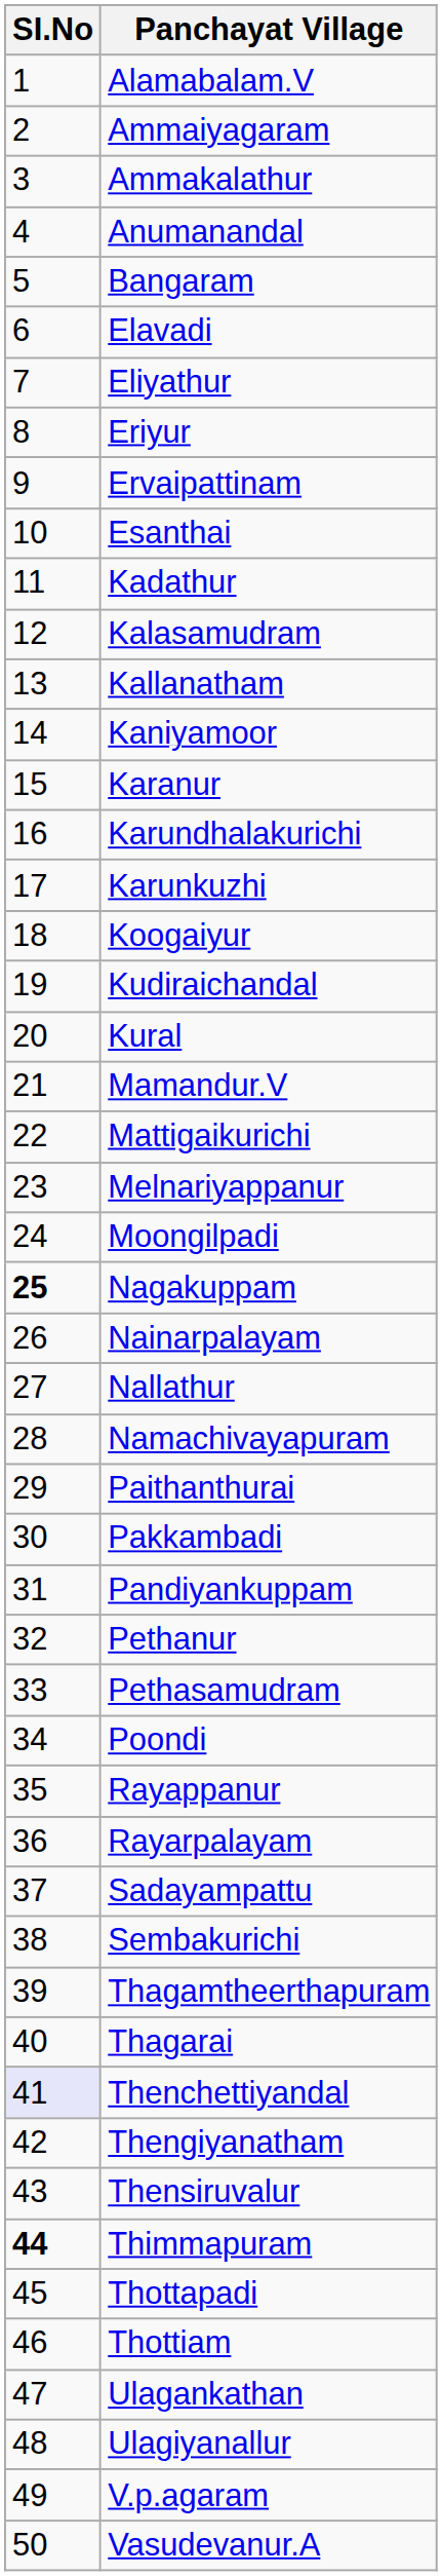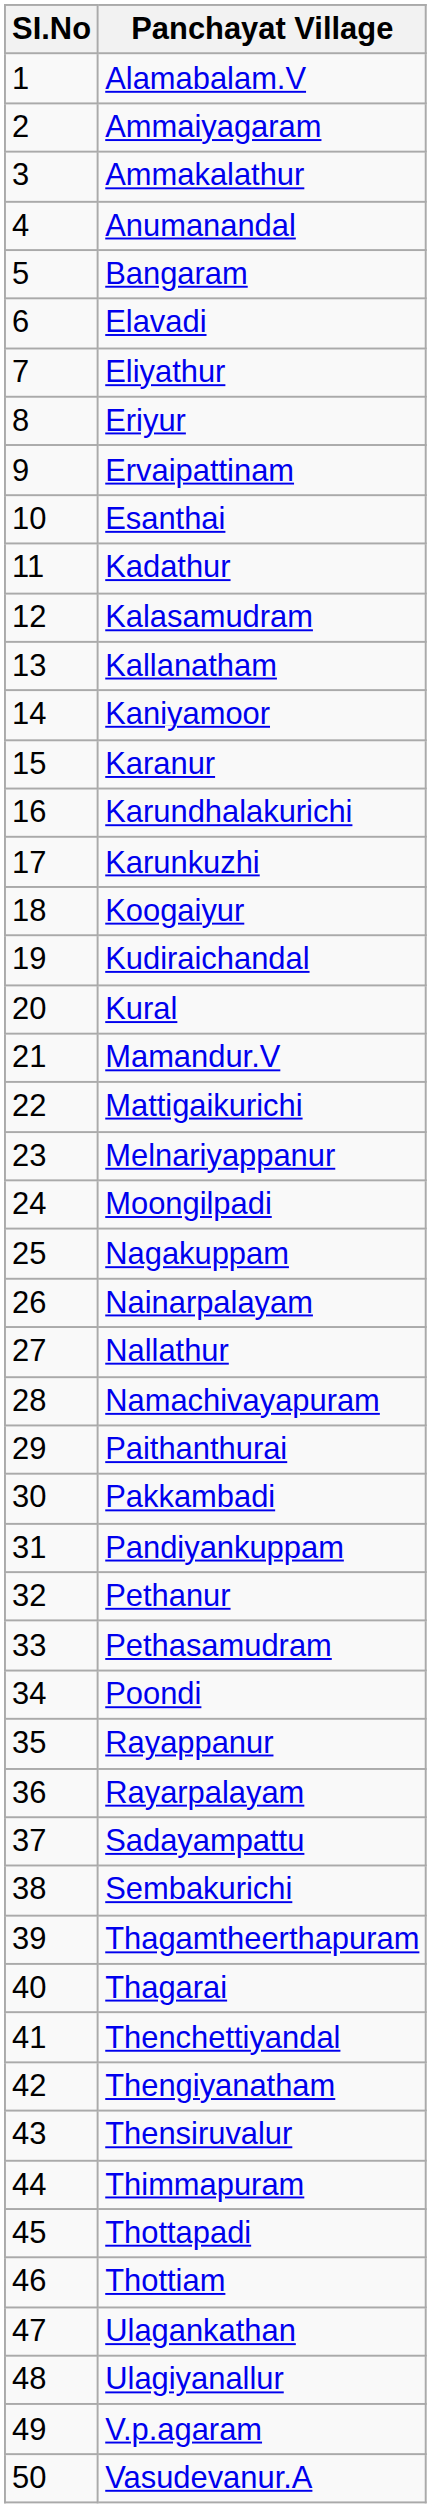 <table class="wikitable sortable">
 <tr>
 <th>SI.No</th>
 <th>Panchayat Village</th>
 </tr>
 <tr>
 <td>1</td>
 <td><a href='#'>Alamabalam.V</a></td>
 </tr>
 <tr>
 <td>2</td>
 <td><a href='#'>Ammaiyagaram</a></td>
 </tr>
 <tr>
 <td>3</td>
 <td><a href='#'>Ammakalathur</a></td>
 </tr>
 <tr>
 <td>4</td>
 <td><a href='#'>Anumanandal</a></td>
 </tr>
 <tr>
 <td>5</td>
 <td><a href='#'>Bangaram</a></td>
 </tr>
 <tr>
 <td>6</td>
 <td><a href='#'>Elavadi</a></td>
 </tr>
 <tr>
 <td>7</td>
 <td><a href='#'>Eliyathur</a></td>
 </tr>
 <tr>
 <td>8</td>
 <td><a href='#'>Eriyur</a></td>
 </tr>
 <tr>
 <td>9</td>
 <td><a href='#'>Ervaipattinam</a></td>
 </tr>
 <tr>
 <td>10</td>
 <td><a href='#'>Esanthai</a></td>
 </tr>
 <tr>
 <td>11</td>
 <td><a href='#'>Kadathur</a></td>
 </tr>
 <tr>
 <td>12</td>
 <td><a href='#'>Kalasamudram</a></td>
 </tr>
 <tr>
 <td>13</td>
 <td><a href='#'>Kallanatham</a></td>
 </tr>
 <tr>
 <td>14</td>
 <td><a href='#'>Kaniyamoor</a></td>
 </tr>
 <tr>
 <td>15</td>
 <td><a href='#'>Karanur</a></td>
 </tr>
 <tr>
 <td>16</td>
 <td><a href='#'>Karundhalakurichi</a></td>
 </tr>
 <tr>
 <td>17</td>
 <td><a href='#'>Karunkuzhi</a></td>
 </tr>
 <tr>
 <td>18</td>
 <td><a href='#'>Koogaiyur</a></td>
 </tr>
 <tr>
 <td>19</td>
 <td><a href='#'>Kudiraichandal</a></td>
 </tr>
 <tr>
 <td>20</td>
 <td><a href='#'>Kural</a></td>
 </tr>
 <tr>
 <td>21</td>
 <td><a href='#'>Mamandur.V</a></td>
 </tr>
 <tr>
 <td>22</td>
 <td><a href='#'>Mattigaikurichi</a></td>
 </tr>
 <tr>
 <td>23</td>
 <td><a href='#'>Melnariyappanur</a></td>
 </tr>
 <tr>
 <td>24</td>
 <td><a href='#'>Moongilpadi</a></td>
 </tr>
 <tr>
-<td><strong>25</strong></td>
+<td>25</td>
 <td><a href='#'>Nagakuppam</a></td>
 </tr>
 <tr>
 <td>26</td>
 <td><a href='#'>Nainarpalayam</a></td>
 </tr>
 <tr>
 <td>27</td>
 <td><a href='#'>Nallathur</a></td>
 </tr>
 <tr>
 <td>28</td>
 <td><a href='#'>Namachivayapuram</a></td>
 </tr>
 <tr>
 <td>29</td>
 <td><a href='#'>Paithanthurai</a></td>
 </tr>
 <tr>
 <td>30</td>
 <td><a href='#'>Pakkambadi</a></td>
 </tr>
 <tr>
 <td>31</td>
 <td><a href='#'>Pandiyankuppam</a></td>
 </tr>
 <tr>
 <td>32</td>
 <td><a href='#'>Pethanur</a></td>
 </tr>
 <tr>
 <td>33</td>
 <td><a href='#'>Pethasamudram</a></td>
 </tr>
 <tr>
 <td>34</td>
 <td><a href='#'>Poondi</a></td>
 </tr>
 <tr>
 <td>35</td>
 <td><a href='#'>Rayappanur</a></td>
 </tr>
 <tr>
 <td>36</td>
 <td><a href='#'>Rayarpalayam</a></td>
 </tr>
 <tr>
 <td>37</td>
 <td><a href='#'>Sadayampattu</a></td>
 </tr>
 <tr>
 <td>38</td>
 <td><a href='#'>Sembakurichi</a></td>
 </tr>
 <tr>
 <td>39</td>
 <td><a href='#'>Thagamtheerthapuram</a></td>
 </tr>
 <tr>
 <td>40</td>
 <td><a href='#'>Thagarai</a></td>
 </tr>
 <tr>
-<td style="background: lavender;">41</td>
+<td>41</td>
 <td><a href='#'>Thenchettiyandal</a></td>
 </tr>
 <tr>
 <td>42</td>
 <td><a href='#'>Thengiyanatham</a></td>
 </tr>
 <tr>
 <td>43</td>
 <td><a href='#'>Thensiruvalur</a></td>
 </tr>
 <tr>
-<td><strong>44</strong></td>
+<td>44</td>
 <td><a href='#'>Thimmapuram</a></td>
 </tr>
 <tr>
 <td>45</td>
 <td><a href='#'>Thottapadi</a></td>
 </tr>
 <tr>
 <td>46</td>
 <td><a href='#'>Thottiam</a></td>
 </tr>
 <tr>
 <td>47</td>
 <td><a href='#'>Ulagankathan</a></td>
 </tr>
 <tr>
 <td>48</td>
 <td><a href='#'>Ulagiyanallur</a></td>
 </tr>
 <tr>
 <td>49</td>
 <td><a href='#'>V.p.agaram</a></td>
 </tr>
 <tr>
 <td>50</td>
 <td><a href='#'>Vasudevanur.A</a></td>
 </tr>
 </table>
